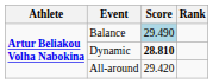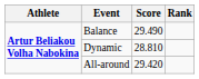 <table class="wikitable" style="text-align:center; font-size:90%">
 <tr>
 <th>Athlete</th>
 <th>Event</th>
 <th>Score</th>
 <th>Rank</th>
 </tr>
 <tr>
 <td rowspan=3 align=left><strong><a href='#'>Artur Beliakou</a><br><a href='#'>Volha Nabokina</a></strong></td>
 <td align=left>Balance</td>
-<td style="background: lightblue;">29.490</td>
+<td>29.490</td>
 <td></td>
 </tr>
 <tr>
 <td align=left>Dynamic</td>
-<td><strong>28.810</strong></td>
+<td>28.810</td>
 <td></td>
 </tr>
 <tr>
 <td align=left>All-around</td>
 <td>29.420</td>
 <td></td>
 </tr>
 </table>
